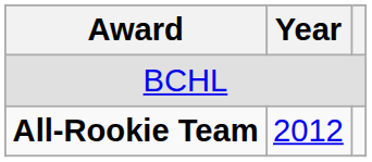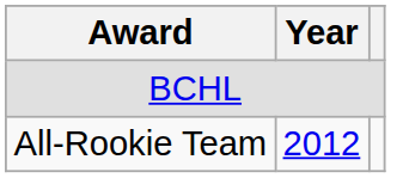 <table class="wikitable">
 <tr>
 <th>Award</th>
 <th>Year</th>
 <th></th>
 </tr>
 <tr ALIGN="center" bgcolor="#e0e0e0">
 <td colspan="3"><a href='#'>BCHL</a></td>
 </tr>
 <tr>
-<td><strong>All-Rookie Team</strong></td>
+<td>All-Rookie Team</td>
 <td><a href='#'>2012</a></td>
 <td></td>
 </tr>
 </table>
